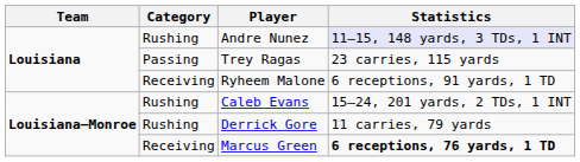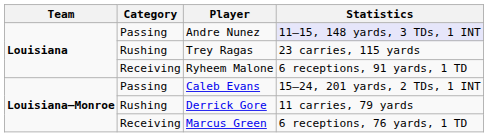 <table class="wikitable" style="float: left;">
 <tr>
 <th>Team</th>
 <th>Category</th>
 <th>Player</th>
 <th>Statistics</th>
 </tr>
 <tr>
 <td rowspan=3><strong>Louisiana</strong></td>
-<td>Rushing</td>
+<td>Passing</td>
 <td>Andre Nunez</td>
 <td style="background: lavender;">11–15, 148 yards, 3 TDs, 1 INT</td>
 </tr>
 <tr>
-<td>Passing</td>
+<td>Rushing</td>
 <td>Trey Ragas</td>
 <td>23 carries, 115 yards</td>
 </tr>
 <tr>
 <td>Receiving</td>
 <td>Ryheem Malone</td>
 <td>6 receptions, 91 yards, 1 TD</td>
 </tr>
 <tr>
 <td rowspan=3><strong>Louisiana–Monroe</strong></td>
-<td>Rushing</td>
+<td>Passing</td>
 <td><a href='#'>Caleb Evans</a></td>
 <td>15–24, 201 yards, 2 TDs, 1 INT</td>
 </tr>
 <tr>
 <td>Rushing</td>
 <td><a href='#'>Derrick Gore</a></td>
 <td>11 carries, 79 yards</td>
 </tr>
 <tr>
 <td>Receiving</td>
 <td><a href='#'>Marcus Green</a></td>
-<td><strong>6 receptions, 76 yards, 1 TD</strong></td>
+<td>6 receptions, 76 yards, 1 TD</td>
 </tr>
 </table>
